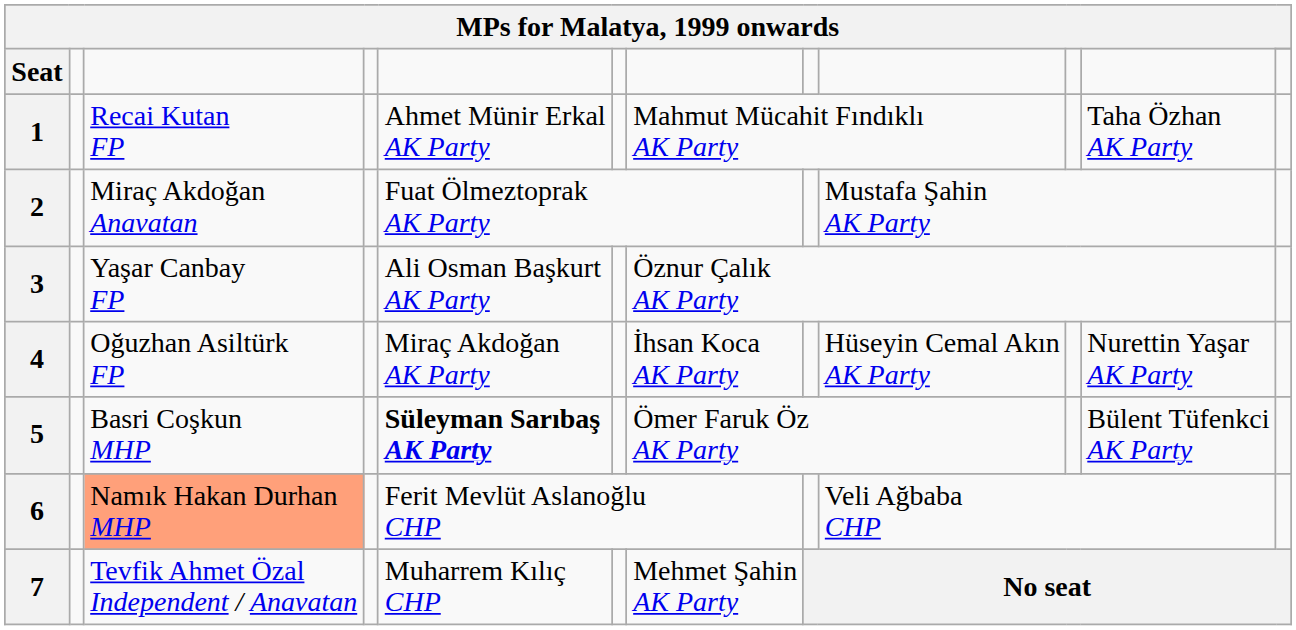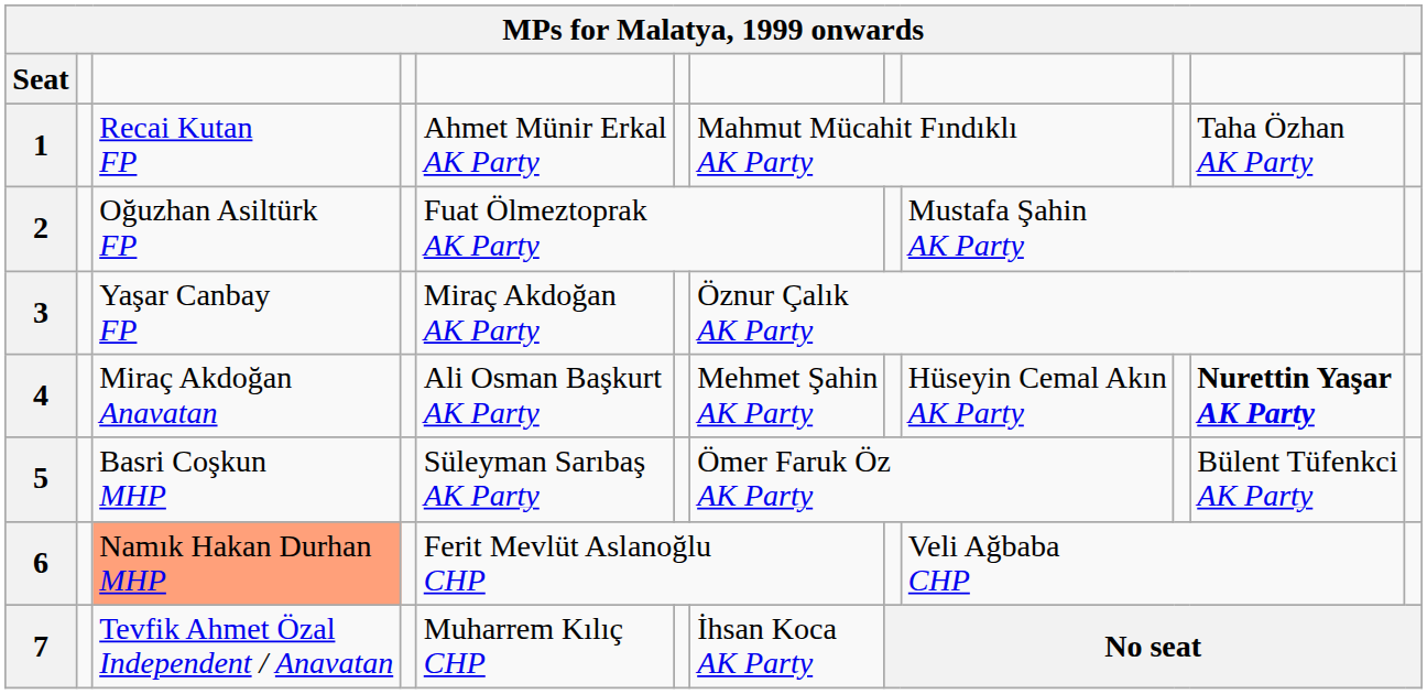 <table class="wikitable">
 <tr>
 <th colspan = 12>MPs for Malatya, 1999 onwards</th>
 </tr>
 <tr>
 <th rowspan = 2>Seat</th>
 <td rowspan="2" style="width:1px;"></td>
 <td rowspan = 2></td>
 <td rowspan="2" style="width:1px;"></td>
 <td rowspan = 2></td>
 <td rowspan="2" style="width:1px;"></td>
 <td rowspan = 2></td>
 <td rowspan="2" style="width:1px;"></td>
 <td rowspan = 2></td>
 <td rowspan="2" style="width:1px;"></td>
 <td rowspan = 2></td>
 </tr>
 <tr>
 <td></td>
 </tr>
 <tr>
 <th>1</th>
 <td width=1px style="background-color: "></td>
 <td colspan = 1><a href='#'>Recai Kutan</a><br><em><a href='#'>FP</a></em></td>
 <td width=1px style="background-color: "></td>
 <td colspan = 1>Ahmet Münir Erkal<br><em><a href='#'>AK Party</a></em></td>
 <td width=1px style="background-color: "></td>
 <td colspan = 3>Mahmut Mücahit Fındıklı<br><em><a href='#'>AK Party</a></em></td>
 <td width=1px style="background-color: "></td>
 <td colspan = 1>Taha Özhan<br><em><a href='#'>AK Party</a></em></td>
 <td width=1px style="background-color: "></td>
 </tr>
 <tr>
 <th>2</th>
 <td width=1px style="background-color: "></td>
-<td colspan = 1>Miraç Akdoğan<br><em><a href='#'>Anavatan</a></em></td>
+<td colspan = 1>Oğuzhan Asiltürk<br><em><a href='#'>FP</a></em></td>
 <td width=1px style="background-color: "></td>
 <td colspan = 3>Fuat Ölmeztoprak<br><em><a href='#'>AK Party</a></em></td>
 <td width=1px style="background-color: "></td>
 <td colspan = 3>Mustafa Şahin<br><em><a href='#'>AK Party</a></em></td>
 <td width=1px style="background-color: "></td>
 </tr>
 <tr>
 <th>3</th>
 <td width=1px style="background-color: "></td>
 <td colspan = 1>Yaşar Canbay<br><em><a href='#'>FP</a></em></td>
 <td width=1px style="background-color: "></td>
-<td colspan = 1>Ali Osman Başkurt<br><em><a href='#'>AK Party</a></em></td>
+<td colspan = 1>Miraç Akdoğan<br><em><a href='#'>AK Party</a></em></td>
 <td width=1px style="background-color: "></td>
 <td colspan = 5>Öznur Çalık<br><em><a href='#'>AK Party</a></em></td>
 <td width=1px style="background-color: "></td>
 </tr>
 <tr>
 <th>4</th>
 <td width=1px style="background-color: "></td>
-<td colspan = 1>Oğuzhan Asiltürk<br><em><a href='#'>FP</a></em></td>
+<td colspan = 1>Miraç Akdoğan<br><em><a href='#'>Anavatan</a></em></td>
 <td width=1px style="background-color: "></td>
-<td colspan = 1>Miraç Akdoğan<br><em><a href='#'>AK Party</a></em></td>
+<td colspan = 1>Ali Osman Başkurt<br><em><a href='#'>AK Party</a></em></td>
 <td width=1px style="background-color: "></td>
-<td colspan = 1>İhsan Koca<br><em><a href='#'>AK Party</a></em></td>
+<td colspan = 1>Mehmet Şahin<br><em><a href='#'>AK Party</a></em></td>
 <td width=1px style="background-color: "></td>
 <td colspan = 1>Hüseyin Cemal Akın<br><em><a href='#'>AK Party</a></em></td>
 <td width=1px style="background-color: "></td>
-<td colspan = 1>Nurettin Yaşar<br><em><a href='#'>AK Party</a></em></td>
+<td colspan = 1><strong>Nurettin Yaşar<br><em><a href='#'>AK Party</a></em></strong></td>
 <td width=1px style="background-color: "></td>
 </tr>
 <tr>
 <th>5</th>
 <td width=1px style="background-color: "></td>
 <td colspan = 1>Basri Coşkun<br><em><a href='#'>MHP</a></em></td>
 <td width=1px style="background-color: "></td>
-<td colspan = 1><strong>Süleyman Sarıbaş<br><em><a href='#'>AK Party</a></em></strong></td>
+<td colspan = 1>Süleyman Sarıbaş<br><em><a href='#'>AK Party</a></em></td>
 <td width=1px style="background-color: "></td>
 <td colspan = 3>Ömer Faruk Öz<br><em><a href='#'>AK Party</a></em></td>
 <td width=1px style="background-color: "></td>
 <td colspan = 1>Bülent Tüfenkci<br><em><a href='#'>AK Party</a></em></td>
 <td width=1px style="background-color: "></td>
 </tr>
 <tr>
 <th>6</th>
 <td width=1px style="background-color: "></td>
 <td colspan = 1 style="background: lightsalmon;">Namık Hakan Durhan<br><em><a href='#'>MHP</a></em></td>
 <td width=1px style="background-color: "></td>
 <td colspan = 3>Ferit Mevlüt Aslanoğlu<br><em><a href='#'>CHP</a></em></td>
 <td width=1px style="background-color: "></td>
 <td colspan = 3>Veli Ağbaba<br><em><a href='#'>CHP</a></em></td>
 <td width=1px style="background-color: "></td>
 </tr>
 <tr>
 <th>7</th>
 <td width=1px style="background-color: "></td>
 <td colspan = 1><a href='#'>Tevfik Ahmet Özal</a><br><em><a href='#'>Independent</a> / <a href='#'>Anavatan</a></em></td>
 <td width=1px style="background-color: "></td>
 <td colspan = 1>Muharrem Kılıç<br><em><a href='#'>CHP</a></em></td>
 <td width=1px style="background-color: "></td>
-<td colspan = 1>Mehmet Şahin<br><em><a href='#'>AK Party</a></em></td>
+<td colspan = 1>İhsan Koca<br><em><a href='#'>AK Party</a></em></td>
 <th colspan =5>No seat</th>
 </tr>
 </table>
